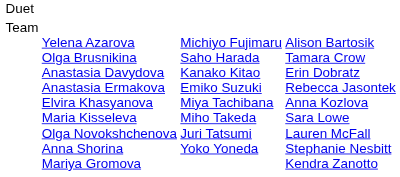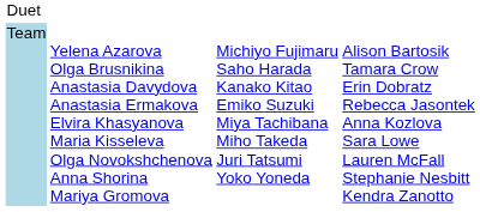 <table>
 <tr valign="top">
 <td>Duet<br></td>
 <td></td>
 <td></td>
 <td></td>
 </tr>
 <tr valign="top">
-<td>Team<br></td>
+<td style="background: lightblue;">Team<br></td>
 <td><br><a href='#'>Yelena Azarova</a><br><a href='#'>Olga Brusnikina</a><br><a href='#'>Anastasia Davydova</a><br><a href='#'>Anastasia Ermakova</a><br><a href='#'>Elvira Khasyanova</a><br><a href='#'>Maria Kisseleva</a><br><a href='#'>Olga Novokshchenova</a><br><a href='#'>Anna Shorina</a><br><a href='#'>Mariya Gromova</a></td>
 <td><br><a href='#'>Michiyo Fujimaru</a><br><a href='#'>Saho Harada</a><br><a href='#'>Kanako Kitao</a><br><a href='#'>Emiko Suzuki</a><br><a href='#'>Miya Tachibana</a><br><a href='#'>Miho Takeda</a><br><a href='#'>Juri Tatsumi</a><br><a href='#'>Yoko Yoneda</a></td>
 <td><br><a href='#'>Alison Bartosik</a><br><a href='#'>Tamara Crow</a><br><a href='#'>Erin Dobratz</a><br><a href='#'>Rebecca Jasontek</a><br><a href='#'>Anna Kozlova</a><br><a href='#'>Sara Lowe</a><br><a href='#'>Lauren McFall</a><br><a href='#'>Stephanie Nesbitt</a><br><a href='#'>Kendra Zanotto</a></td>
 </tr>
 </table>
